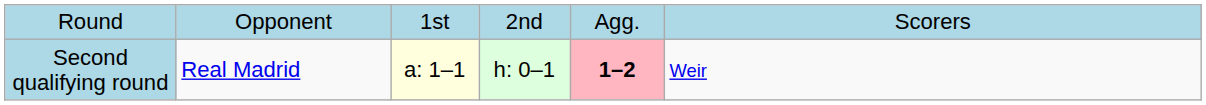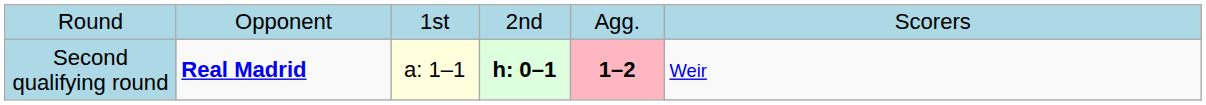 <table class="wikitable" style="text-align:center">
 <tr bgcolor=lightblue>
 <td width=150px>Round</td>
 <td width=200px>Opponent</td>
 <td width=80px>1st</td>
 <td width=80px>2nd</td>
 <td width=80px>Agg.</td>
 <td width=600px>Scorers</td>
 </tr>
 <tr>
 <td bgcolor=lightblue>Second qualifying round</td>
-<td align=left> <a href='#'>Real Madrid</a></td>
+<td align=left><strong> <a href='#'>Real Madrid</a></strong></td>
 <td bgcolor=#ffffdd>a: 1–1</td>
-<td bgcolor=#ddffdd>h: 0–1</td>
+<td bgcolor=#ddffdd><strong>h: 0–1</strong></td>
 <td bgcolor=lightpink><strong>1–2</strong></td>
 <td align=left><small><a href='#'>Weir</a></small></td>
 </tr>
 </table>
